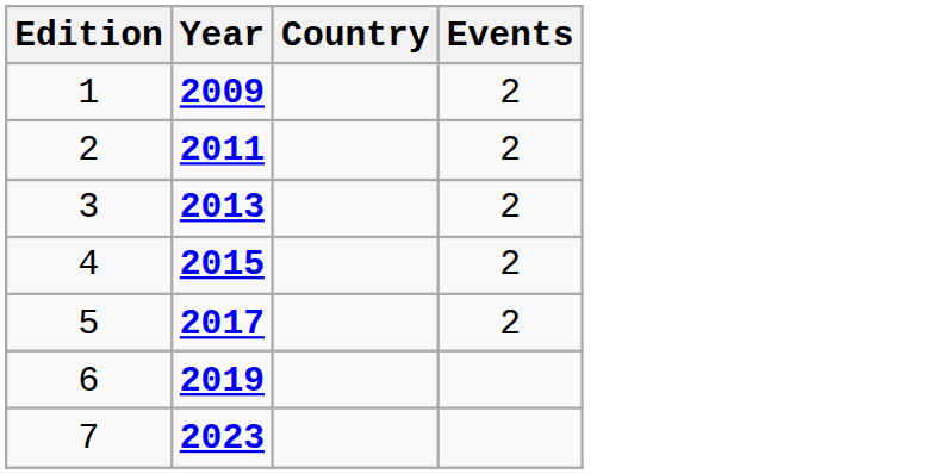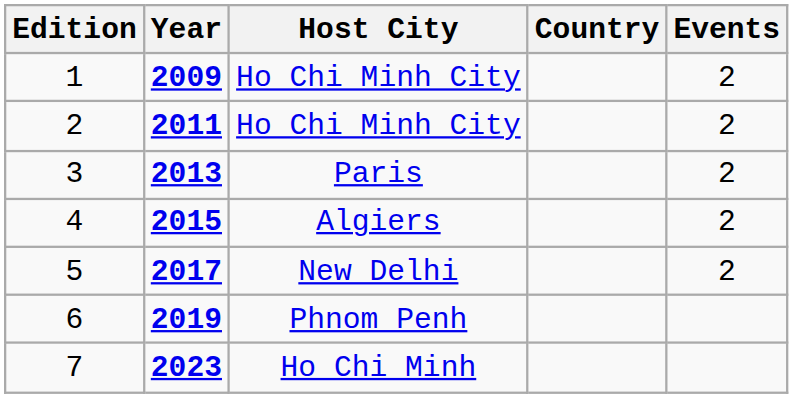 <table class="wikitable" style="text-align:center">
 <tr>
 <th>Edition</th>
 <th>Year</th>
+<th>Host City</th>
 <th>Country</th>
 <th>Events</th>
 </tr>
 <tr>
 <td>1</td>
 <td><strong><a href='#'>2009</a></strong></td>
+<td><a href='#'>Ho Chi Minh City</a></td>
 <td align="left"></td>
 <td>2</td>
 </tr>
 <tr>
 <td>2</td>
 <td><strong><a href='#'>2011</a></strong></td>
+<td><a href='#'>Ho Chi Minh City</a></td>
 <td align="left"></td>
 <td>2</td>
 </tr>
 <tr>
 <td>3</td>
 <td><strong><a href='#'>2013</a></strong></td>
+<td><a href='#'>Paris</a></td>
 <td align="left"></td>
 <td>2</td>
 </tr>
 <tr>
 <td>4</td>
 <td><strong><a href='#'>2015</a></strong></td>
+<td><a href='#'>Algiers</a></td>
 <td align="left"></td>
 <td>2</td>
 </tr>
 <tr>
 <td>5</td>
 <td><strong><a href='#'>2017</a></strong></td>
+<td><a href='#'>New Delhi</a></td>
 <td align="left"></td>
 <td>2</td>
 </tr>
 <tr>
 <td>6</td>
 <td><strong><a href='#'>2019</a></strong></td>
+<td><a href='#'>Phnom Penh</a></td>
 <td align="left"></td>
 <td></td>
 </tr>
 <tr>
 <td>7</td>
 <td><strong><a href='#'>2023</a></strong></td>
+<td><a href='#'>Ho Chi Minh</a></td>
 <td align="left"></td>
 <td></td>
 </tr>
 </table>
